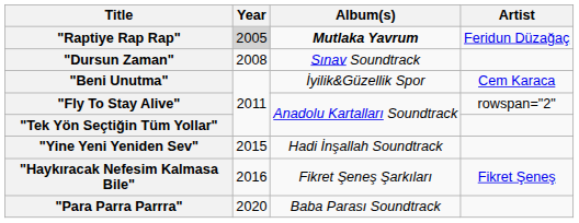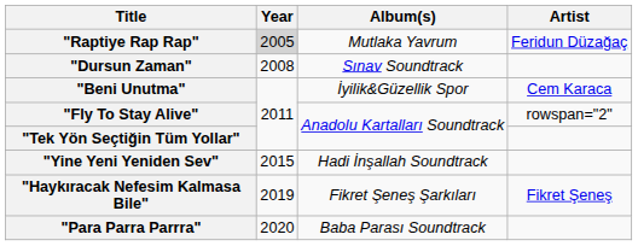 <table class="wikitable plainrowheaders" style="text-align:center;">
 <tr>
 <th scope="col" style="width:16em;">Title</th>
 <th scope="col" style="width:1em;">Year</th>
 <th scope="col">Album(s)</th>
 <th scope="col">Artist</th>
 </tr>
 <tr>
 <th scope="row">"Raptiye Rap Rap"</th>
 <td style="background: lightgrey;">2005</td>
-<td><strong><em>Mutlaka Yavrum</em></strong></td>
+<td><em>Mutlaka Yavrum</em></td>
 <td><a href='#'>Feridun Düzağaç</a></td>
 </tr>
 <tr>
 <th scope="row">"Dursun Zaman"</th>
 <td>2008</td>
 <td><em><a href='#'>Sınav</a> Soundtrack</em></td>
 <td></td>
 </tr>
 <tr>
 <th scope="row">"Beni Unutma"</th>
 <td rowspan="3">2011</td>
 <td><em>İyilik&Güzellik Spor</em></td>
 <td><a href='#'>Cem Karaca</a></td>
 </tr>
 <tr>
 <th scope="row">"Fly To Stay Alive"</th>
 <td rowspan="2"><em><a href='#'>Anadolu Kartalları</a> Soundtrack</em></td>
 <td>rowspan="2" </td>
 </tr>
 <tr>
 <th scope="row">"Tek Yön Seçtiğin Tüm Yollar"</th>
 </tr>
 <tr>
 <th scope="row">"Yine Yeni Yeniden Sev"</th>
 <td>2015</td>
 <td><em>Hadi İnşallah Soundtrack</em></td>
 <td></td>
 </tr>
 <tr>
 <th scope="row">"Haykıracak Nefesim Kalmasa Bile"</th>
-<td rowspan="1">2016</td>
+<td rowspan="1">2019</td>
 <td><em>Fikret Şeneş Şarkıları</em></td>
 <td><a href='#'>Fikret Şeneş</a></td>
 </tr>
 <tr>
 <th scope="row">"Para Parra Parrra"</th>
 <td rowspan="1">2020</td>
 <td><em>Baba Parası Soundtrack</em></td>
 <td></td>
 </tr>
 </table>
